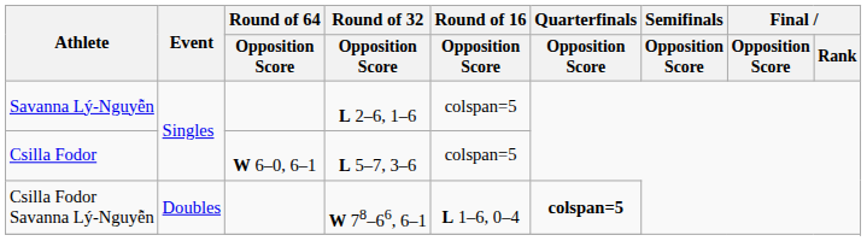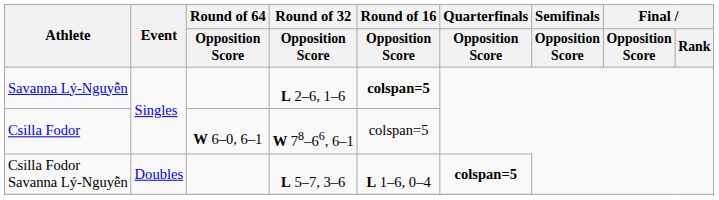 <table class=wikitable style="font-size:90%">
 <tr>
 <th rowspan="2">Athlete</th>
 <th rowspan="2">Event</th>
 <th>Round of 64</th>
 <th>Round of 32</th>
 <th>Round of 16</th>
 <th>Quarterfinals</th>
 <th>Semifinals</th>
 <th colspan=2>Final / </th>
 </tr>
 <tr style="font-size:95%">
 <th>Opposition<br>Score</th>
 <th>Opposition<br>Score</th>
 <th>Opposition<br>Score</th>
 <th>Opposition<br>Score</th>
 <th>Opposition<br>Score</th>
 <th>Opposition<br>Score</th>
 <th>Rank</th>
 </tr>
 <tr align=center>
 <td align=left><a href='#'>Savanna Lý-Nguyễn</a></td>
 <td align=left rowspan=2><a href='#'>Singles</a></td>
 <td></td>
 <td> <br><strong>L</strong> 2–6, 1–6</td>
-<td>colspan=5 </td>
+<td><strong>colspan=5 </strong></td>
 </tr>
 <tr align=center>
 <td align=left><a href='#'>Csilla Fodor</a></td>
 <td> <br><strong>W</strong> 6–0, 6–1</td>
-<td> <br><strong>L</strong> 5–7, 3–6</td>
+<td> <br><strong>W</strong> 7<sup>8</sup>–6<sup>6</sup>, 6–1</td>
 <td>colspan=5 </td>
 </tr>
 <tr align=center>
 <td align=left>Csilla Fodor<br> Savanna Lý-Nguyễn</td>
 <td align=left rowspan=2><a href='#'>Doubles</a></td>
 <td></td>
-<td> <br><strong>W</strong> 7<sup>8</sup>–6<sup>6</sup>, 6–1</td>
+<td> <br><strong>L</strong> 5–7, 3–6</td>
 <td> <br><strong>L</strong> 1–6, 0–4</td>
 <td><strong>colspan=5 </strong></td>
 </tr>
 <tr align=center>
 </tr>
 </table>
